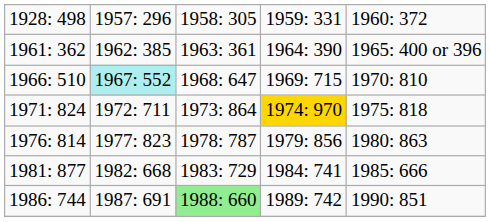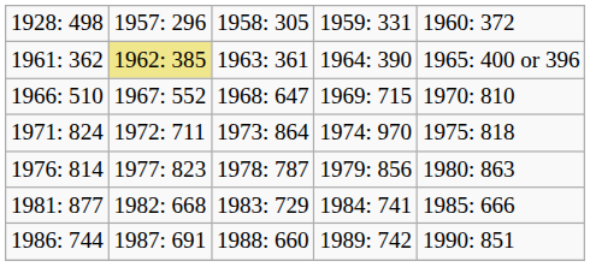 <table class="wikitable">
 <tr>
 <td>1928: 498</td>
 <td>1957: 296</td>
 <td>1958: 305</td>
 <td>1959: 331</td>
 <td>1960: 372</td>
 </tr>
 <tr>
 <td>1961: 362</td>
-<td>1962: 385</td>
+<td style="background: khaki;">1962: 385</td>
 <td>1963: 361</td>
 <td>1964: 390</td>
 <td>1965: 400 or 396</td>
 </tr>
 <tr>
 <td>1966: 510</td>
-<td style="background: paleturquoise;">1967: 552</td>
+<td>1967: 552</td>
 <td>1968: 647</td>
 <td>1969: 715</td>
 <td>1970: 810</td>
 </tr>
 <tr>
 <td>1971: 824</td>
 <td>1972: 711</td>
 <td>1973: 864</td>
-<td style="background: gold;">1974: 970</td>
+<td>1974: 970</td>
 <td>1975: 818</td>
 </tr>
 <tr>
 <td>1976: 814</td>
 <td>1977: 823</td>
 <td>1978: 787</td>
 <td>1979: 856</td>
 <td>1980: 863</td>
 </tr>
 <tr>
 <td>1981: 877</td>
 <td>1982: 668</td>
 <td>1983: 729</td>
 <td>1984: 741</td>
 <td>1985: 666</td>
 </tr>
 <tr>
 <td>1986: 744</td>
 <td>1987: 691</td>
-<td style="background: lightgreen;">1988: 660</td>
+<td>1988: 660</td>
 <td>1989: 742</td>
 <td>1990: 851</td>
 </tr>
 <tr>
 </tr>
 </table>
